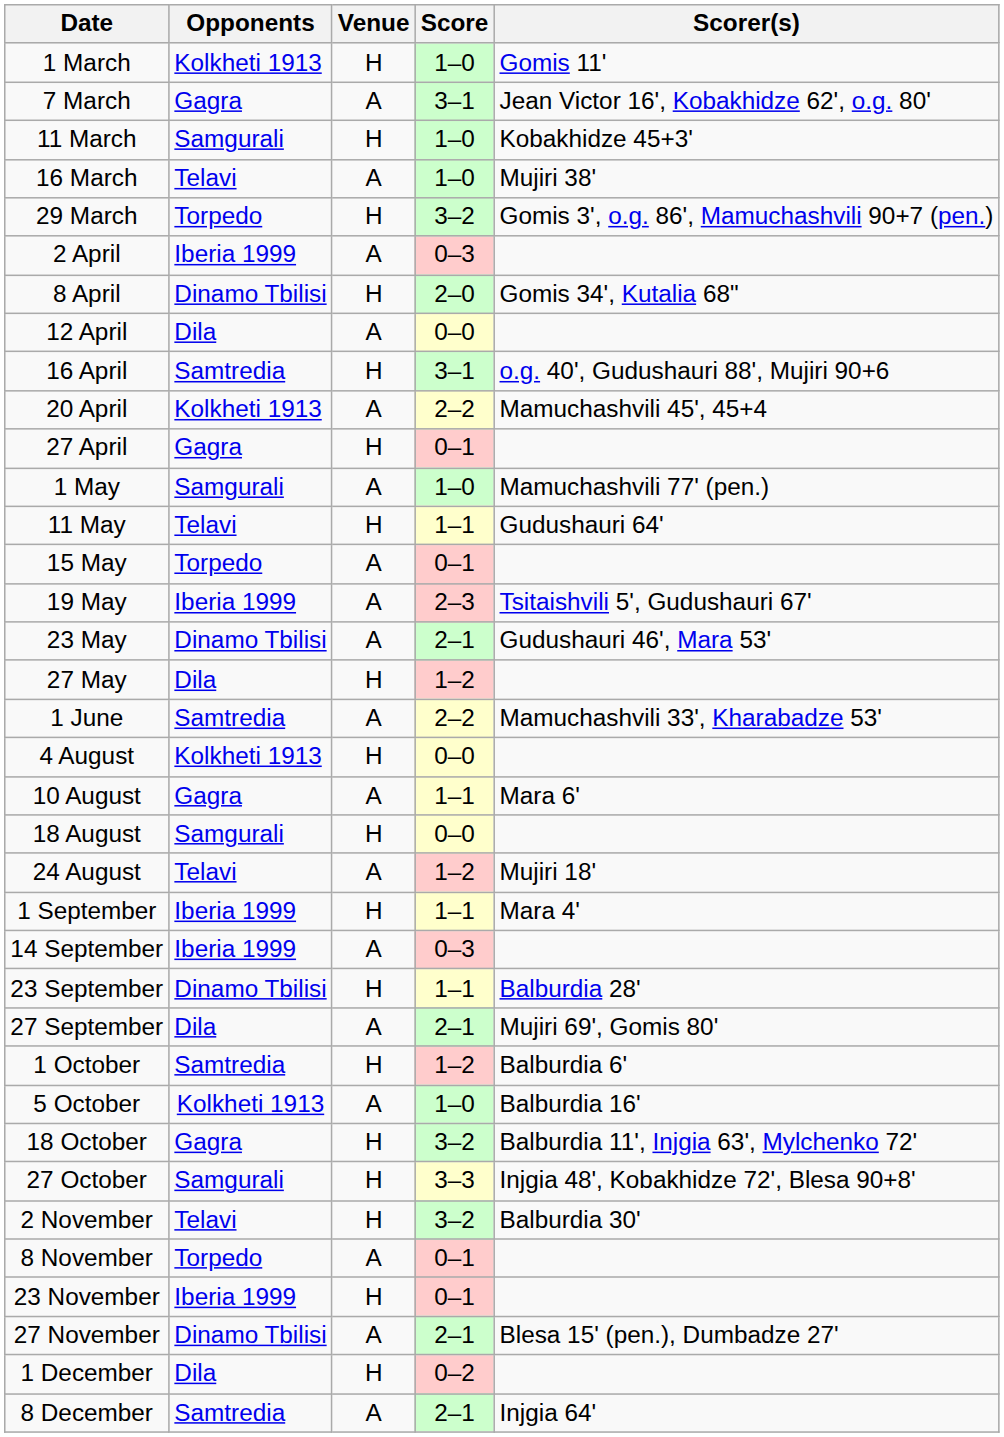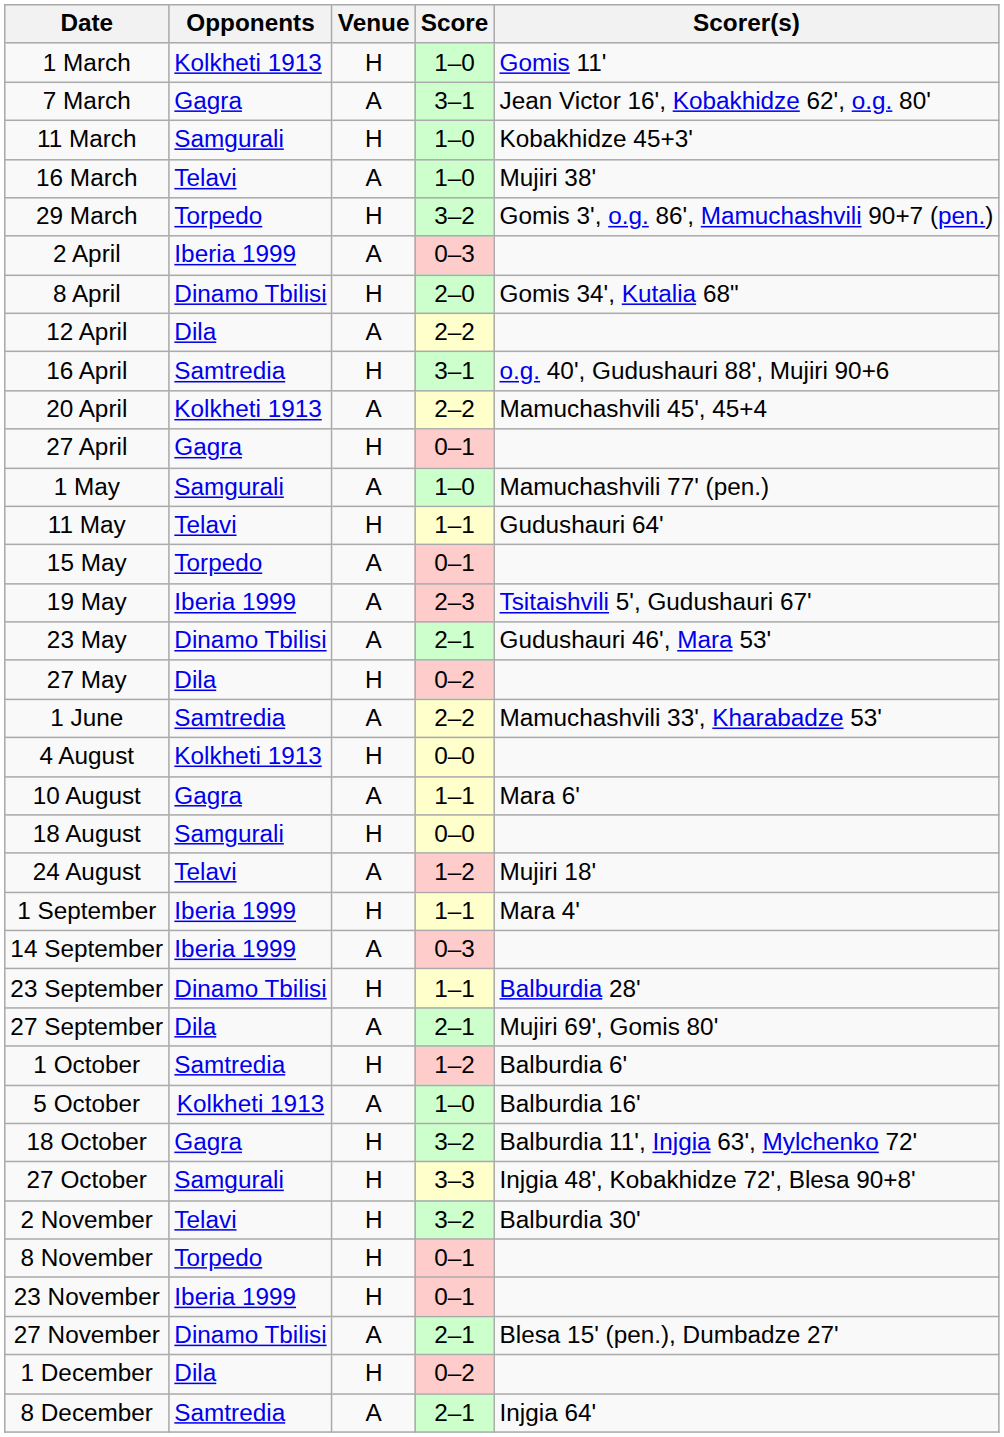 <table class="wikitable sortable plainrowheaders" style="text-align:center;">
 <tr>
 <th scope=col>Date</th>
 <th scope=col>Opponents</th>
 <th scope=col>Venue</th>
 <th scope=col>Score</th>
 <th scope=col class=unsortable>Scorer(s)</th>
 </tr>
 <tr>
 <td>1 March</td>
 <td align=left><a href='#'>Kolkheti 1913</a></td>
 <td>H</td>
 <td style="background:#cfc;">1–0</td>
 <td align=left><a href='#'>Gomis</a> 11'</td>
 </tr>
 <tr>
 <td>7 March</td>
 <td align=left><a href='#'>Gagra</a></td>
 <td>A</td>
 <td style="background:#cfc;">3–1</td>
 <td align=left>Jean Victor 16', <a href='#'>Kobakhidze</a> 62',  <a href='#'>o.g.</a> 80'</td>
 </tr>
 <tr>
 <td>11 March</td>
 <td align=left><a href='#'>Samgurali</a></td>
 <td>H</td>
 <td style="background:#cfc;">1–0</td>
 <td align=left>Kobakhidze 45+3'</td>
 </tr>
 <tr>
 <td>16 March</td>
 <td align=left><a href='#'>Telavi</a></td>
 <td>A</td>
 <td style="background:#cfc;">1–0</td>
 <td align=left>Mujiri 38'</td>
 </tr>
 <tr>
 <td>29 March</td>
 <td align=left><a href='#'>Torpedo</a></td>
 <td>H</td>
 <td style="background:#cfc;">3–2</td>
 <td align=left>Gomis 3', <a href='#'>o.g.</a> 86', <a href='#'>Mamuchashvili</a> 90+7 (<a href='#'>pen.</a>)</td>
 </tr>
 <tr>
 <td>2 April</td>
 <td align=left><a href='#'>Iberia 1999</a></td>
 <td>A</td>
 <td style="background:#fcc;">0–3</td>
 </tr>
 <tr>
 <td>8 April</td>
 <td align=left><a href='#'>Dinamo Tbilisi</a></td>
 <td>H</td>
 <td style="background:#cfc;">2–0</td>
 <td align=left>Gomis 34', <a href='#'>Kutalia</a> 68"</td>
 </tr>
 <tr>
 <td>12 April</td>
 <td align=left><a href='#'>Dila</a></td>
 <td>A</td>
-<td style="background:#ffc">0–0</td>
+<td style="background:#ffc">2–2</td>
 <td></td>
 </tr>
 <tr>
 <td>16 April</td>
 <td align=left><a href='#'>Samtredia</a></td>
 <td>H</td>
 <td style="background:#cfc;">3–1</td>
 <td align=left><a href='#'>o.g.</a> 40', Gudushauri 88', Mujiri 90+6</td>
 </tr>
 <tr>
 <td>20 April</td>
 <td align=left><a href='#'>Kolkheti 1913</a></td>
 <td>A</td>
 <td style="background:#ffc">2–2</td>
 <td align=left>Mamuchashvili 45', 45+4</td>
 </tr>
 <tr>
 <td>27 April</td>
 <td align=left><a href='#'>Gagra</a></td>
 <td>H</td>
 <td style="background:#fcc;">0–1</td>
 <td></td>
 </tr>
 <tr>
 <td>1 May</td>
 <td align=left><a href='#'>Samgurali</a></td>
 <td>A</td>
 <td style="background:#cfc;">1–0</td>
 <td align=left>Mamuchashvili 77' (pen.)</td>
 </tr>
 <tr>
 <td>11 May</td>
 <td align=left><a href='#'>Telavi</a></td>
 <td>H</td>
 <td style="background:#ffc">1–1</td>
 <td align=left>Gudushauri 64'</td>
 </tr>
 <tr>
 <td>15 May</td>
 <td align=left><a href='#'>Torpedo</a></td>
 <td>A</td>
 <td style="background:#fcc">0–1</td>
 <td></td>
 </tr>
 <tr>
 <td>19 May</td>
 <td align=left><a href='#'>Iberia 1999</a></td>
 <td>A</td>
 <td style="background:#fcc">2–3</td>
 <td align=left><a href='#'>Tsitaishvili</a> 5', Gudushauri 67'</td>
 </tr>
 <tr>
 <td>23 May</td>
 <td align=left><a href='#'>Dinamo Tbilisi</a></td>
 <td>A</td>
 <td style="background:#cfc;">2–1</td>
 <td align=left>Gudushauri 46', <a href='#'>Mara</a> 53'</td>
 </tr>
 <tr>
 <td>27 May</td>
 <td align=left><a href='#'>Dila</a></td>
 <td>H</td>
-<td style="background:#fcc">1–2</td>
+<td style="background:#fcc">0–2</td>
 <td></td>
 </tr>
 <tr>
 <td>1 June</td>
 <td align=left><a href='#'>Samtredia</a></td>
 <td>A</td>
 <td style="background:#ffc">2–2</td>
 <td align=left>Mamuchashvili 33', <a href='#'>Kharabadze</a> 53'</td>
 </tr>
 <tr>
 <td>4 August</td>
 <td align=left><a href='#'>Kolkheti 1913</a></td>
 <td>H</td>
 <td style="background:#ffc">0–0</td>
 <td></td>
 </tr>
 <tr>
 <td>10 August</td>
 <td align=left><a href='#'>Gagra</a></td>
 <td>A</td>
 <td style="background:#ffc">1–1</td>
 <td align=left>Mara 6'</td>
 </tr>
 <tr>
 <td>18 August</td>
 <td align=left><a href='#'>Samgurali</a></td>
 <td>H</td>
 <td style="background:#ffc">0–0</td>
 <td></td>
 </tr>
 <tr>
 <td>24 August</td>
 <td align=left><a href='#'>Telavi</a></td>
 <td>A</td>
 <td style="background:#fcc">1–2</td>
 <td align=left>Mujiri 18'</td>
 </tr>
 <tr>
 <td>1 September</td>
 <td align=left><a href='#'>Iberia 1999</a></td>
 <td>H</td>
 <td style="background:#ffc">1–1</td>
 <td align=left>Mara 4'</td>
 </tr>
 <tr>
 <td>14 September</td>
 <td align=left><a href='#'>Iberia 1999</a></td>
 <td>A</td>
 <td style="background:#fcc">0–3</td>
 <td></td>
 </tr>
 <tr>
 <td>23 September</td>
 <td align=left><a href='#'>Dinamo Tbilisi</a></td>
 <td>H</td>
 <td style="background:#ffc">1–1</td>
 <td align=left><a href='#'>Balburdia</a> 28'</td>
 </tr>
 <tr>
 <td>27 September</td>
 <td align=left><a href='#'>Dila</a></td>
 <td>A</td>
 <td style="background:#cfc;">2–1</td>
 <td align=left>Mujiri 69', Gomis 80'</td>
 </tr>
 <tr>
 <td>1 October</td>
 <td align=left><a href='#'>Samtredia</a></td>
 <td>H</td>
 <td style="background:#fcc">1–2</td>
 <td align=left>Balburdia 6'</td>
 </tr>
 <tr>
 <td>5 October</td>
 <td><a href='#'>Kolkheti 1913</a></td>
 <td>A</td>
 <td style="background:#cfc;">1–0</td>
 <td align=left>Balburdia 16'</td>
 </tr>
 <tr>
 <td>18 October</td>
 <td align=left><a href='#'>Gagra</a></td>
 <td>H</td>
 <td style="background:#cfc;">3–2</td>
 <td align=left>Balburdia 11', <a href='#'>Injgia</a> 63', <a href='#'>Mylchenko</a> 72'</td>
 </tr>
 <tr>
 <td>27 October</td>
 <td align=left><a href='#'>Samgurali</a></td>
 <td>H</td>
 <td style="background:#ffc">3–3</td>
 <td align=left>Injgia 48', Kobakhidze 72', Blesa 90+8'</td>
 </tr>
 <tr>
 <td>2 November</td>
 <td align=left><a href='#'>Telavi</a></td>
 <td>H</td>
 <td style="background:#cfc;">3–2</td>
 <td align=left>Balburdia 30'</td>
 </tr>
 <tr>
 <td>8 November</td>
 <td align=left><a href='#'>Torpedo</a></td>
-<td>A</td>
+<td>H</td>
 <td style="background:#fcc">0–1</td>
 <td></td>
 </tr>
 <tr>
 <td>23 November</td>
 <td align=left><a href='#'>Iberia 1999</a></td>
 <td>H</td>
 <td style="background:#fcc">0–1</td>
 <td></td>
 </tr>
 <tr>
 <td>27 November</td>
 <td align=left><a href='#'>Dinamo Tbilisi</a></td>
 <td>A</td>
 <td style="background:#cfc;">2–1</td>
 <td align=left>Blesa 15' (pen.), Dumbadze 27'</td>
 </tr>
 <tr>
 <td>1 December</td>
 <td align=left><a href='#'>Dila</a></td>
 <td>H</td>
 <td style="background:#fcc">0–2</td>
 <td></td>
 </tr>
 <tr>
 <td>8 December</td>
 <td align=left><a href='#'>Samtredia</a></td>
 <td>A</td>
 <td style="background:#cfc;">2–1</td>
 <td align=left>Injgia 64'</td>
 </tr>
 </table>
